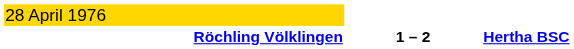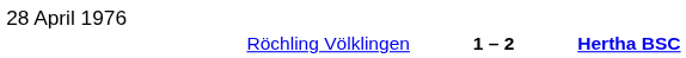 <table width=100% cellspacing=1>
 <tr>
 <th width=25%></th>
 <th width=10%></th>
 <th width=25%></th>
 <th></th>
 </tr>
 <tr>
-<td style="background: gold;">28 April 1976</td>
+<td>28 April 1976</td>
 </tr>
 <tr style=font-size:90%>
-<td align=right><strong><a href='#'>Röchling Völklingen</a></strong></td>
+<td align=right><a href='#'>Röchling Völklingen</a></td>
 <td align=center><strong>1 – 2</strong></td>
 <td><strong><a href='#'>Hertha BSC</a></strong></td>
 </tr>
 </table>
